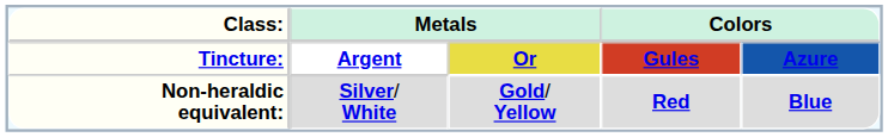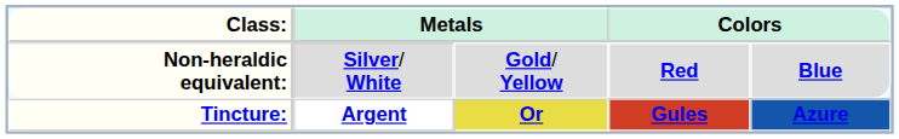 <table class="wikitable" style="width:50%; margin:auto; border:2px solid #A3B1BF; font-size:90%; text-align:center; border-collapse:separate; border-spacing:0; background-color:#eefaff; ">
 <tr>
 <th style="background:#FFFFF5; border-top: 1px solid white; border-left: 1px solid white; border-right: 2px solid #ccc; border-bottom: 2px solid #ccc; border-radius: 12px 0 0 0; text-align:right;">Class:</th>
 <th colspan="2" style="background:#cef2e0; border-top: 1px solid white; border-left: 1px solid #ccc; border-right: 1px solid #ccc; border-bottom: 2px solid #ccc;">Metals</th>
 <th colspan="2" style="background:#cef2e0; border-top: 1px solid white; border-left: 1px solid #ccc; border-right: 1px solid white; border-bottom: 2px solid #ccc; border-radius: 0 12px 0 0;">Colors</th>
+</tr>
+<tr>
+<th style="background-color:#FFFFF5; border-top: 1px solid #ccc; border-left: 1px solid white; border-right: 2px solid #ccc; border-bottom: 1px solid white; text-align:right; border-radius:0 0 0 12px;">Non-heraldic<br>equivalent:</th>
+<td style="background:#ddd; border-top: 1px solid #ccc; border-left: 1px solid #ccc; border-right: 1px solid white; border-bottom: 1px solid white;"><a href='#'><strong>Silver</strong></a>/<br><strong><a href='#'>White</a></strong></td>
+<td style="background:#ddd; border-top: 1px solid white; border-left: 1px solid white; border-right: 1px solid white; border-bottom: 1px solid white;"><a href='#'><strong>Gold</strong></a>/<br><strong><a href='#'>Yellow</a></strong></td>
+<td style="background:#ddd; border-top: 1px solid white; border-left: 1px solid white; border-right: 1px solid white; border-bottom: 1px solid white;"><strong><a href='#'>Red</a></strong></td>
+<td style="background:#ddd; border-radius:0 0 12px 0; border:1px solid white;"><strong><a href='#'>Blue</a></strong></td>
 </tr>
 <tr>
 <th style="background-color:#FFFFF5; border-top: 1px solid #ccc; border-left: 1px solid white; border-right: 2px solid #ccc; border-bottom: 1px solid #ccc; text-align:right;"><a href='#'><span><strong>Tincture:</strong></span></a></th>
 <td style="background:white; border-top: 1px solid #ccc; border-left: 1px solid #ccc; border-right: 1px solid #ccc; border-bottom: 1px solid #ccc;"><a href='#'><span><strong>Argent</strong></span></a></td>
 <td style="background:#e8dd44; border-top: 1px solid #ccc; border-left: 1px solid #ccc; border-right: 1px solid white; border-bottom: 1px solid white;"><a href='#'><span><strong>Or</strong></span></a></td>
 <td style="background:#d13c24; border-top: 1px solid #ccc; border-left: 1px solid white; border-right: 1px solid white; border-bottom: 1px solid white;"><a href='#'><span><strong>Gules</strong></span></a></td>
 <td style="background:#1456ab; border-top: 1px solid #ccc; border-left: 1px solid white; border-right: 1px solid white; border-bottom: 1px solid white; color: white;"><a href='#'><span><strong>Azure</strong></span></a></td>
 </tr>
-<tr>
-<th style="background-color:#FFFFF5; border-top: 1px solid #ccc; border-left: 1px solid white; border-right: 2px solid #ccc; border-bottom: 1px solid white; text-align:right; border-radius:0 0 0 12px;">Non-heraldic<br>equivalent:</th>
-<td style="background:#ddd; border-top: 1px solid #ccc; border-left: 1px solid #ccc; border-right: 1px solid white; border-bottom: 1px solid white;"><a href='#'><strong>Silver</strong></a>/<br><strong><a href='#'>White</a></strong></td>
-<td style="background:#ddd; border-top: 1px solid white; border-left: 1px solid white; border-right: 1px solid white; border-bottom: 1px solid white;"><a href='#'><strong>Gold</strong></a>/<br><strong><a href='#'>Yellow</a></strong></td>
-<td style="background:#ddd; border-top: 1px solid white; border-left: 1px solid white; border-right: 1px solid white; border-bottom: 1px solid white;"><strong><a href='#'>Red</a></strong></td>
-<td style="background:#ddd; border-radius:0 0 12px 0; border:1px solid white;"><strong><a href='#'>Blue</a></strong></td>
-</tr>
 </table>
